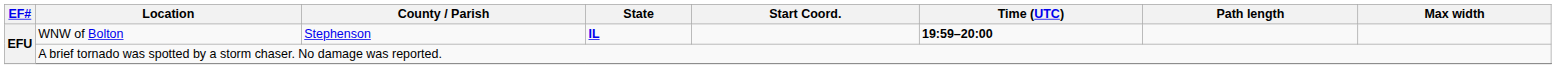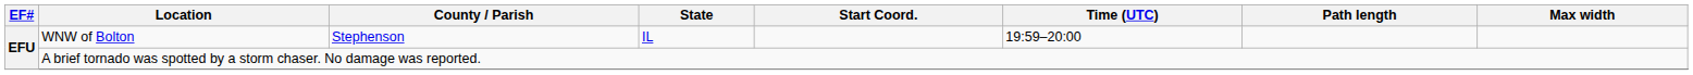 <table class="wikitable sortable" style="width:100%;">
 <tr>
 <th scope="col" width="2%" align="center"><a href='#'>EF#</a></th>
 <th scope="col" align="center" class="unsortable">Location</th>
 <th scope="col" align="center" class="unsortable">County / Parish</th>
 <th scope="col" align="center">State</th>
 <th scope="col" align="center">Start Coord.</th>
 <th scope="col" align="center">Time (<a href='#'>UTC</a>)</th>
 <th scope="col" align="center">Path length</th>
 <th scope="col" align="center">Max width</th>
 </tr>
 <tr>
 <th scope="row" rowspan="2" style="background-color:#">EFU</th>
 <td>WNW of <a href='#'>Bolton</a></td>
 <td><a href='#'>Stephenson</a></td>
-<td><strong><a href='#'>IL</a></strong></td>
+<td><a href='#'>IL</a></td>
 <td></td>
-<td><strong>19:59–20:00</strong></td>
+<td>19:59–20:00</td>
 <td></td>
 <td></td>
 </tr>
 <tr class="expand-child">
 <td colspan="8" style=" border-bottom: 1px solid black;">A brief tornado was spotted by a storm chaser. No damage was reported.</td>
 </tr>
 <tr>
 </tr>
 </table>
